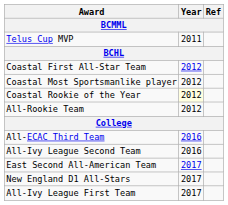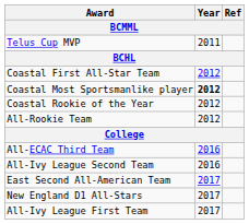 <table class="wikitable">
 <tr>
 <th>Award</th>
 <th>Year</th>
 <th>Ref</th>
 </tr>
 <tr>
 <th colspan="3"><a href='#'>BCMML</a></th>
 </tr>
 <tr>
 <td><a href='#'>Telus Cup</a> MVP</td>
 <td>2011</td>
 <td></td>
 </tr>
 <tr>
 <th colspan="3"><a href='#'>BCHL</a></th>
 </tr>
 <tr>
 <td>Coastal First All-Star Team</td>
 <td><a href='#'>2012</a></td>
 <td></td>
 </tr>
 <tr>
 <td>Coastal Most Sportsmanlike player</td>
-<td>2012</td>
+<td><strong>2012</strong></td>
 <td></td>
 </tr>
 <tr>
 <td>Coastal Rookie of the Year</td>
-<td style="background: lightyellow;">2012</td>
+<td>2012</td>
 <td></td>
 </tr>
 <tr>
 <td>All-Rookie Team</td>
 <td>2012</td>
 <td></td>
 </tr>
 <tr>
 <th colspan="3"><a href='#'>College</a></th>
 </tr>
 <tr>
 <td>All-<a href='#'>ECAC Third Team</a></td>
 <td><a href='#'>2016</a></td>
 <td></td>
 </tr>
 <tr>
 <td>All-Ivy League Second Team</td>
 <td>2016</td>
 <td></td>
 </tr>
 <tr>
 <td>East Second All-American Team</td>
 <td><a href='#'>2017</a></td>
 <td></td>
 </tr>
 <tr>
 <td>New England D1 All-Stars</td>
 <td>2017</td>
 <td></td>
 </tr>
 <tr>
 <td>All-Ivy League First Team</td>
 <td>2017</td>
 <td></td>
 </tr>
 </table>
